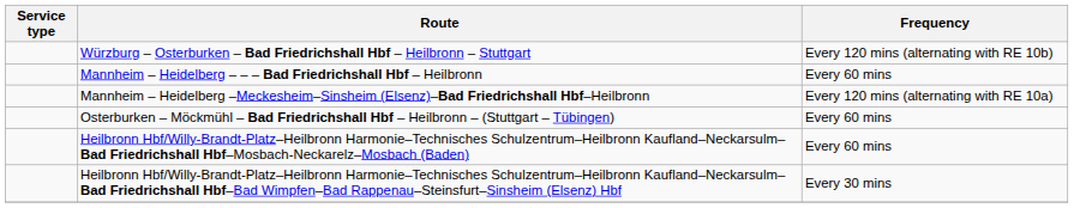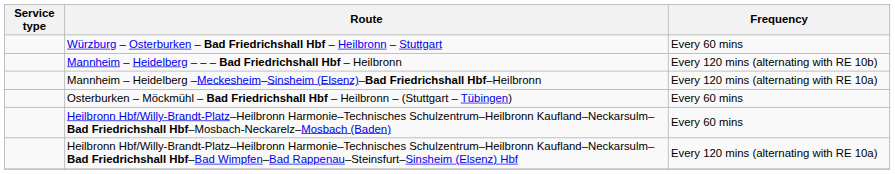 <table class="wikitable">
 <tr>
 <th>Service type</th>
 <th>Route</th>
 <th width="25%">Frequency</th>
 </tr>
 <tr>
 <td></td>
 <td><a href='#'>Würzburg</a> – <a href='#'>Osterburken</a> – <strong>Bad Friedrichshall Hbf</strong> – <a href='#'>Heilbronn</a> – <a href='#'>Stuttgart</a></td>
-<td>Every 120 mins (alternating with RE 10b)</td>
+<td>Every 60 mins</td>
 </tr>
 <tr>
 <td></td>
 <td><a href='#'>Mannheim</a> – <a href='#'>Heidelberg</a> –  –  – <strong>Bad Friedrichshall Hbf</strong> – Heilbronn</td>
-<td>Every 60 mins</td>
+<td>Every 120 mins (alternating with RE 10b)</td>
 </tr>
 <tr>
 <td></td>
 <td>Mannheim – Heidelberg –<a href='#'>Meckesheim</a>–<a href='#'>Sinsheim (Elsenz)</a>–<strong>Bad Friedrichshall Hbf</strong>–Heilbronn</td>
 <td>Every 120 mins (alternating with RE 10a)</td>
 </tr>
 <tr>
 <td></td>
 <td>Osterburken – Möckmühl – <strong>Bad Friedrichshall Hbf</strong> – Heilbronn – (Stuttgart – <a href='#'>Tübingen</a>)</td>
 <td>Every 60 mins</td>
 </tr>
 <tr>
 <td></td>
 <td><a href='#'>Heilbronn Hbf/Willy-Brandt-Platz</a>–Heilbronn Harmonie–Technisches Schulzentrum–Heilbronn Kaufland–Neckarsulm–<strong>Bad Friedrichshall Hbf</strong>–Mosbach-Neckarelz–<a href='#'>Mosbach (Baden)</a></td>
 <td>Every 60 mins</td>
 </tr>
 <tr>
 <td></td>
 <td>Heilbronn Hbf/Willy-Brandt-Platz–Heilbronn Harmonie–Technisches Schulzentrum–Heilbronn Kaufland–Neckarsulm–<strong>Bad Friedrichshall Hbf</strong>–<a href='#'>Bad Wimpfen</a>–<a href='#'>Bad Rappenau</a>–Steinsfurt–<a href='#'>Sinsheim (Elsenz) Hbf</a></td>
-<td>Every 30 mins</td>
+<td>Every 120 mins (alternating with RE 10a)</td>
 </tr>
 <tr>
 </tr>
 </table>
